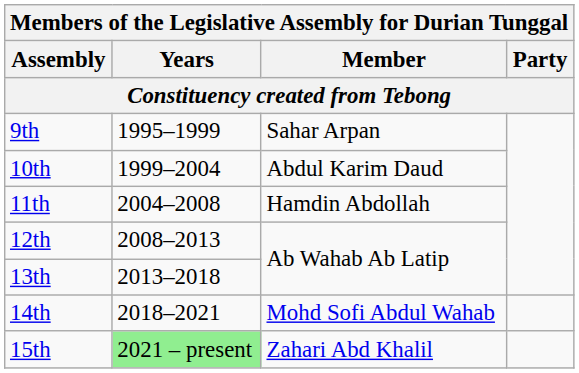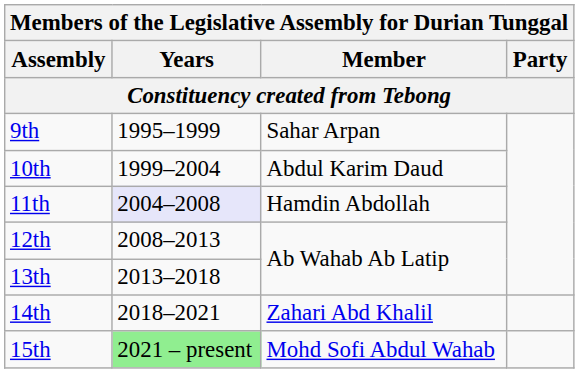 <table class=wikitable>
 <tr>
 <th colspan=4>Members of the Legislative Assembly for Durian Tunggal</th>
 </tr>
 <tr>
 <th>Assembly</th>
 <th>Years</th>
 <th>Member</th>
 <th>Party</th>
 </tr>
 <tr>
 <th colspan=4 align=center><em>Constituency created from Tebong</em></th>
 </tr>
 <tr>
 <td><a href='#'>9th</a></td>
 <td>1995–1999</td>
 <td>Sahar Arpan</td>
 <td rowspan="5"></td>
 </tr>
 <tr>
 <td><a href='#'>10th</a></td>
 <td>1999–2004</td>
 <td>Abdul Karim Daud</td>
 </tr>
 <tr>
 <td><a href='#'>11th</a></td>
-<td>2004–2008</td>
+<td style="background: lavender;">2004–2008</td>
 <td>Hamdin Abdollah</td>
 </tr>
 <tr>
 <td><a href='#'>12th</a></td>
 <td>2008–2013</td>
 <td rowspan="2">Ab Wahab Ab Latip</td>
 </tr>
 <tr>
 <td><a href='#'>13th</a></td>
 <td>2013–2018</td>
 </tr>
 <tr>
 <td><a href='#'>14th</a></td>
 <td>2018–2021</td>
-<td><a href='#'>Mohd Sofi Abdul Wahab</a></td>
+<td><a href='#'>Zahari Abd Khalil</a></td>
 <td></td>
 </tr>
 <tr>
 <td><a href='#'>15th</a></td>
 <td style="background: lightgreen;">2021 – present</td>
-<td><a href='#'>Zahari Abd Khalil</a></td>
+<td><a href='#'>Mohd Sofi Abdul Wahab</a></td>
 <td></td>
 </tr>
 </table>
